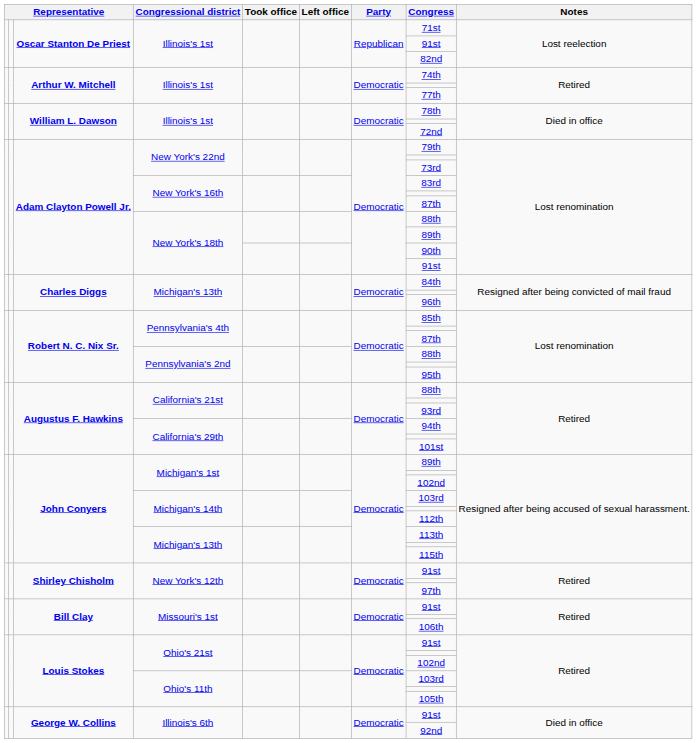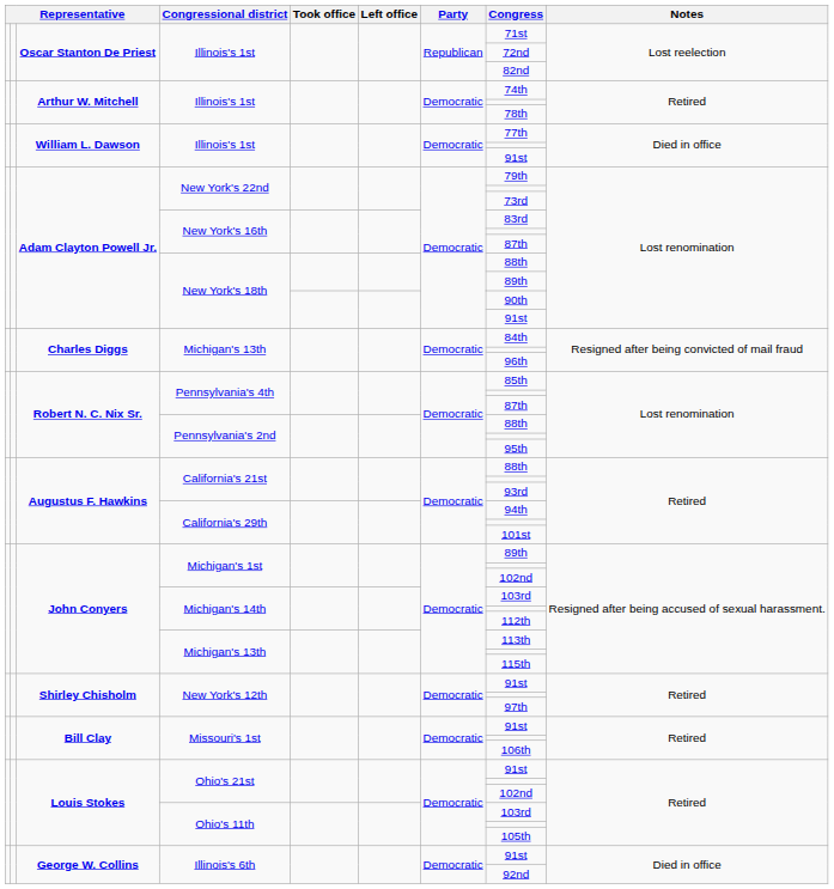 <table class="wikitable sortable plainrowheaders" style="text-align: center;">
 <tr>
 <th colspan=3 class=unsortable><a href='#'>Representative</a></th>
 <th scope="col"><a href='#'>Congressional district</a></th>
 <th scope="col">Took office</th>
 <th scope="col">Left office</th>
 <th scope="col"><a href='#'>Party</a></th>
 <th scope="col" class=unsortable><a href='#'>Congress</a></th>
 <th scope="col">Notes</th>
 </tr>
 <tr>
 <td rowspan=3 style="background: "></td>
 <td rowspan=3></td>
 <td rowspan=3><strong><a href='#'>Oscar Stanton De Priest</a></strong><br></td>
 <td rowspan=3><a href='#'>Illinois's 1st</a></td>
 <td rowspan=3></td>
 <td rowspan=3></td>
 <td rowspan=3><a href='#'>Republican</a></td>
 <td><a href='#'>71st</a><br></td>
 <td rowspan=3>Lost reelection</td>
 </tr>
 <tr>
-<td><a href='#'>91st</a><br></td>
+<td><a href='#'>72nd</a><br></td>
 </tr>
 <tr>
 <td><a href='#'>82nd</a><br></td>
 </tr>
 <tr>
 <td rowspan=3 style="background: "></td>
 <td rowspan=3></td>
 <td rowspan=3><strong><a href='#'>Arthur W. Mitchell</a></strong><br></td>
 <td rowspan=3><a href='#'>Illinois's 1st</a></td>
 <td rowspan=3></td>
 <td rowspan=3></td>
 <td rowspan=3><a href='#'>Democratic</a></td>
 <td><a href='#'>74th</a><br></td>
 <td rowspan=3>Retired</td>
 </tr>
 <tr>
 <td></td>
 </tr>
 <tr>
-<td><a href='#'>77th</a><br></td>
+<td><a href='#'>78th</a><br></td>
 </tr>
 <tr>
 <td rowspan=3 style="background: "></td>
 <td rowspan=3></td>
 <td rowspan=3><strong><a href='#'>William L. Dawson</a></strong><br></td>
 <td rowspan=3><a href='#'>Illinois's 1st</a></td>
 <td rowspan=3></td>
 <td rowspan=3></td>
 <td rowspan=3><a href='#'>Democratic</a></td>
-<td><a href='#'>78th</a><br></td>
+<td><a href='#'>77th</a><br></td>
 <td rowspan=3>Died in office</td>
 </tr>
 <tr>
 <td></td>
 </tr>
 <tr>
-<td><a href='#'>72nd</a><br></td>
+<td><a href='#'>91st</a><br></td>
 </tr>
 <tr>
 <td rowspan=11 style="background: "></td>
 <td rowspan=11></td>
 <td rowspan=11><strong><a href='#'>Adam Clayton Powell Jr.</a></strong><br></td>
 <td rowspan=3><a href='#'>New York's 22nd</a></td>
 <td rowspan=3></td>
 <td rowspan=3></td>
 <td rowspan=11><a href='#'>Democratic</a></td>
 <td><a href='#'>79th</a><br></td>
 <td rowspan=11>Lost renomination</td>
 </tr>
 <tr>
 <td></td>
 </tr>
 <tr>
 <td><a href='#'>73rd</a><br></td>
 </tr>
 <tr>
 <td rowspan=3><a href='#'>New York's 16th</a></td>
 <td rowspan=3></td>
 <td rowspan=3></td>
 <td><a href='#'>83rd</a><br></td>
 </tr>
 <tr>
 <td></td>
 </tr>
 <tr>
 <td><a href='#'>87th</a><br></td>
 </tr>
 <tr>
 <td rowspan=5><a href='#'>New York's 18th</a></td>
 <td rowspan=3></td>
 <td rowspan=3></td>
 <td><a href='#'>88th</a><br></td>
 </tr>
 <tr>
 <td><a href='#'>89th</a><br></td>
 </tr>
 <tr>
 <td rowspan=2><a href='#'>90th</a><br></td>
 </tr>
 <tr>
 <td rowspan=2></td>
 <td rowspan=2></td>
 </tr>
 <tr>
 <td><a href='#'>91st</a><br></td>
 </tr>
 <tr>
 <td rowspan=3 style="background: "></td>
 <td rowspan=3></td>
 <td rowspan=3><strong><a href='#'>Charles Diggs</a></strong><br></td>
 <td rowspan=3><a href='#'>Michigan's 13th</a></td>
 <td rowspan=3></td>
 <td rowspan=3></td>
 <td rowspan=3><a href='#'>Democratic</a></td>
 <td><a href='#'>84th</a><br></td>
 <td rowspan=3>Resigned after being convicted of mail fraud</td>
 </tr>
 <tr>
 <td></td>
 </tr>
 <tr>
 <td><a href='#'>96th</a><br></td>
 </tr>
 <tr>
 <td rowspan=6 style="background: "></td>
 <td rowspan=6></td>
 <td rowspan=6><strong><a href='#'>Robert N. C. Nix Sr.</a></strong><br></td>
 <td rowspan=3><a href='#'>Pennsylvania's 4th</a></td>
 <td rowspan=3></td>
 <td rowspan=3></td>
 <td rowspan=6><a href='#'>Democratic</a></td>
 <td><a href='#'>85th</a><br></td>
 <td rowspan=6>Lost renomination</td>
 </tr>
 <tr>
 <td></td>
 </tr>
 <tr>
 <td><a href='#'>87th</a><br></td>
 </tr>
 <tr>
 <td rowspan=3><a href='#'>Pennsylvania's 2nd</a></td>
 <td rowspan=3></td>
 <td rowspan=3></td>
 <td><a href='#'>88th</a><br></td>
 </tr>
 <tr>
 <td></td>
 </tr>
 <tr>
 <td><a href='#'>95th</a><br></td>
 </tr>
 <tr>
 <td rowspan=6 style="background: "></td>
 <td rowspan=6></td>
 <td rowspan=6><strong><a href='#'>Augustus F. Hawkins</a></strong><br></td>
 <td rowspan=3><a href='#'>California's 21st</a></td>
 <td rowspan=3></td>
 <td rowspan=3></td>
 <td rowspan=6><a href='#'>Democratic</a></td>
 <td><a href='#'>88th</a><br></td>
 <td rowspan=6>Retired</td>
 </tr>
 <tr>
 <td></td>
 </tr>
 <tr>
 <td><a href='#'>93rd</a><br></td>
 </tr>
 <tr>
 <td rowspan=3><a href='#'>California's 29th</a></td>
 <td rowspan=3></td>
 <td rowspan=3></td>
 <td><a href='#'>94th</a><br></td>
 </tr>
 <tr>
 <td></td>
 </tr>
 <tr>
 <td><a href='#'>101st</a><br></td>
 </tr>
 <tr>
 <td rowspan=9 style="background: "></td>
 <td rowspan=9></td>
 <td rowspan=9><strong><a href='#'>John Conyers</a></strong><br></td>
 <td rowspan=3><a href='#'>Michigan's 1st</a></td>
 <td rowspan=3></td>
 <td rowspan=3></td>
 <td rowspan=9><a href='#'>Democratic</a></td>
 <td><a href='#'>89th</a><br></td>
 <td rowspan=9>Resigned after being accused of sexual harassment.</td>
 </tr>
 <tr>
 <td></td>
 </tr>
 <tr>
 <td><a href='#'>102nd</a><br></td>
 </tr>
 <tr>
 <td rowspan=3><a href='#'>Michigan's 14th</a></td>
 <td rowspan=3></td>
 <td rowspan=3></td>
 <td><a href='#'>103rd</a><br></td>
 </tr>
 <tr>
 <td></td>
 </tr>
 <tr>
 <td><a href='#'>112th</a><br></td>
 </tr>
 <tr>
 <td rowspan=3><a href='#'>Michigan's 13th</a></td>
 <td rowspan=3></td>
 <td rowspan=3></td>
 <td><a href='#'>113th</a><br></td>
 </tr>
 <tr>
 <td></td>
 </tr>
 <tr>
 <td><a href='#'>115th</a><br></td>
 </tr>
 <tr>
 <td rowspan=3 style="background: "></td>
 <td rowspan=3></td>
 <td rowspan=3><strong><a href='#'>Shirley Chisholm</a></strong><br></td>
 <td rowspan=3><a href='#'>New York's 12th</a></td>
 <td rowspan=3></td>
 <td rowspan=3></td>
 <td rowspan=3><a href='#'>Democratic</a></td>
 <td><a href='#'>91st</a><br></td>
 <td rowspan=3>Retired</td>
 </tr>
 <tr>
 <td></td>
 </tr>
 <tr>
 <td><a href='#'>97th</a><br></td>
 </tr>
 <tr>
 <td rowspan=3 style="background: "></td>
 <td rowspan=3></td>
 <td rowspan=3><strong><a href='#'>Bill Clay</a></strong><br></td>
 <td rowspan=3><a href='#'>Missouri's 1st</a></td>
 <td rowspan=3></td>
 <td rowspan=3></td>
 <td rowspan=3><a href='#'>Democratic</a></td>
 <td><a href='#'>91st</a><br></td>
 <td rowspan=3>Retired</td>
 </tr>
 <tr>
 <td></td>
 </tr>
 <tr>
 <td><a href='#'>106th</a><br></td>
 </tr>
 <tr>
 <td rowspan=6 style="background: "></td>
 <td rowspan=6></td>
 <td rowspan=6><strong><a href='#'>Louis Stokes</a></strong><br></td>
 <td rowspan=3><a href='#'>Ohio's 21st</a></td>
 <td rowspan=3></td>
 <td rowspan=3></td>
 <td rowspan=6><a href='#'>Democratic</a></td>
 <td><a href='#'>91st</a><br></td>
 <td rowspan=6>Retired</td>
 </tr>
 <tr>
 <td></td>
 </tr>
 <tr>
 <td><a href='#'>102nd</a><br></td>
 </tr>
 <tr>
 <td rowspan=3><a href='#'>Ohio's 11th</a></td>
 <td rowspan=3></td>
 <td rowspan=3></td>
 <td><a href='#'>103rd</a><br></td>
 </tr>
 <tr>
 <td></td>
 </tr>
 <tr>
 <td><a href='#'>105th</a><br></td>
 </tr>
 <tr>
 <td rowspan=2 style="background: "></td>
 <td rowspan=2></td>
 <td rowspan=2><strong><a href='#'>George W. Collins</a></strong><br></td>
 <td rowspan=2><a href='#'>Illinois's 6th</a></td>
 <td rowspan=2></td>
 <td rowspan=2></td>
 <td rowspan=2><a href='#'>Democratic</a></td>
 <td><a href='#'>91st</a><br></td>
 <td rowspan=2>Died in office</td>
 </tr>
 <tr>
 <td><a href='#'>92nd</a><br></td>
 </tr>
 </table>
